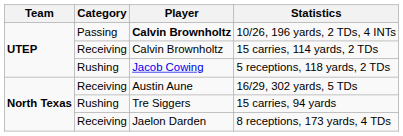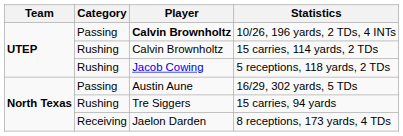 <table class="wikitable" style="float: left;">
 <tr>
 <th>Team</th>
 <th>Category</th>
 <th>Player</th>
 <th>Statistics</th>
 </tr>
 <tr>
 <td rowspan=3><strong>UTEP</strong></td>
 <td>Passing</td>
 <td><strong>Calvin Brownholtz</strong></td>
 <td>10/26, 196 yards, 2 TDs, 4 INTs</td>
 </tr>
 <tr>
-<td>Receiving</td>
+<td>Rushing</td>
 <td>Calvin Brownholtz</td>
 <td>15 carries, 114 yards, 2 TDs</td>
 </tr>
 <tr>
 <td>Rushing</td>
 <td><a href='#'>Jacob Cowing</a></td>
 <td>5 receptions, 118 yards, 2 TDs</td>
 </tr>
 <tr>
 <td rowspan=3><strong>North Texas</strong></td>
-<td>Receiving</td>
+<td>Passing</td>
 <td>Austin Aune</td>
 <td>16/29, 302 yards, 5 TDs</td>
 </tr>
 <tr>
 <td>Rushing</td>
 <td>Tre Siggers</td>
 <td>15 carries, 94 yards</td>
 </tr>
 <tr>
 <td>Receiving</td>
 <td>Jaelon Darden</td>
 <td>8 receptions, 173 yards, 4 TDs</td>
 </tr>
 </table>
